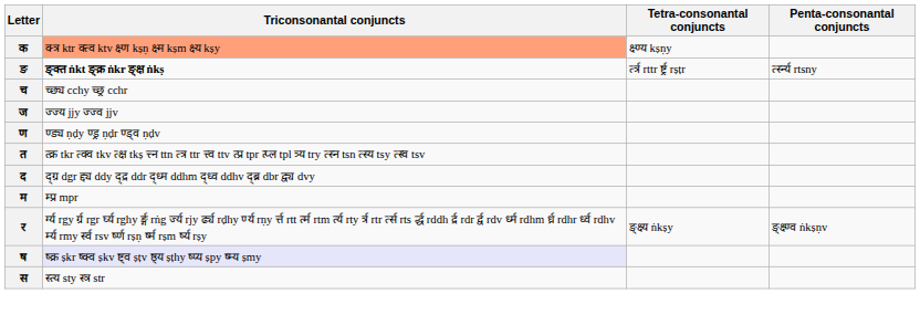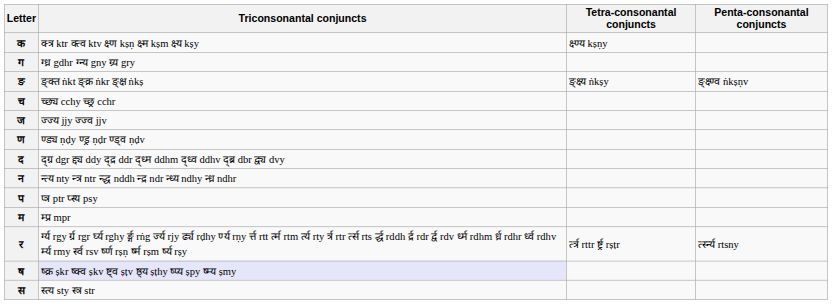 <table class="wikitable">
 <tr>
 <th>Letter</th>
 <th>Triconsonantal conjuncts</th>
 <th>Tetra-consonantal conjuncts</th>
 <th>Penta-consonantal conjuncts</th>
 </tr>
 <tr style="font-family: Siddhanta, 'Sanskrit Text', serif, sans-serif;">
 <th>क</th>
-<td style="background: lightsalmon;">क्त्र ktr क्त्व ktv क्ष्ण kṣṇ क्ष्म kṣm क्ष्य kṣy</td>
+<td>क्त्र ktr क्त्व ktv क्ष्ण kṣṇ क्ष्म kṣm क्ष्य kṣy</td>
 <td>क्ष्ण्य kṣṇy</td>
 <td></td>
 </tr>
 <tr style="font-family: Siddhanta, 'Sanskrit Text', serif, sans-serif;">
+<th>ग</th>
+<td>ग्ध्र gdhr ग्न्य gny ग्र्य gry</td>
+<td></td>
+<td></td>
+</tr>
+<tr style="font-family: Siddhanta, 'Sanskrit Text', serif, sans-serif;">
 <th>ङ</th>
-<td><strong>ङ्क्त ṅkt ङ्क्र ṅkr ङ्क्ष ṅkṣ</strong></td>
-<td>र्त्त्र rttr र्ष्ट्र rṣṭr</td>
-<td>र्त्स्न्य rtsny</td>
+<td>ङ्क्त ṅkt ङ्क्र ṅkr ङ्क्ष ṅkṣ</td>
+<td>ङ्क्ष्य ṅkṣy</td>
+<td>ङ्क्ष्ण्व ṅkṣṇv</td>
 </tr>
 <tr style="font-family: Siddhanta, 'Sanskrit Text', serif, sans-serif;">
 <th>च</th>
 <td>च्छ्य cchy च्छ्र cchr</td>
 <td></td>
 <td></td>
 </tr>
 <tr style="font-family: Siddhanta, 'Sanskrit Text', serif, sans-serif;">
 <th>ज</th>
 <td>ज्ज्य jjy ज्ज्व jjv</td>
 <td></td>
 <td></td>
 </tr>
 <tr style="font-family: Siddhanta, 'Sanskrit Text', serif, sans-serif;">
 <th>ण</th>
 <td>ण्ड्य ṇḍy ण्ड्र ṇḍr ण्ड्व ṇḍv</td>
 <td></td>
 <td></td>
 </tr>
 <tr style="font-family: Siddhanta, 'Sanskrit Text', serif, sans-serif;">
-<th>त</th>
-<td>त्क्र tkr त्क्व tkv त्क्ष tkṣ त्त्न ttn त्त्र ttr त्त्व ttv त्प्र tpr त्प्ल tpl त्र्य try त्स्न tsn त्स्य tsy त्स्व tsv</td>
+<th>द</th>
+<td>द्ग्र dgr द्द्य ddy द्द्र ddr द्ध्म ddhm द्ध्व ddhv द्ब्र dbr द्व्य dvy</td>
 <td></td>
 <td></td>
 </tr>
 <tr style="font-family: Siddhanta, 'Sanskrit Text', serif, sans-serif;">
-<th>द</th>
-<td>द्ग्र dgr द्द्य ddy द्द्र ddr द्ध्म ddhm द्ध्व ddhv द्ब्र dbr द्व्य dvy</td>
+<th>न</th>
+<td>न्त्य nty न्त्र ntr न्द्ध nddh न्द्र ndr न्ध्य ndhy न्ध्र ndhr</td>
+<td></td>
+<td></td>
+</tr>
+<tr style="font-family: Siddhanta, 'Sanskrit Text', serif, sans-serif;">
+<th>प</th>
+<td>प्त्र ptr प्स्य psy</td>
 <td></td>
 <td></td>
 </tr>
 <tr style="font-family: Siddhanta, 'Sanskrit Text', serif, sans-serif;">
 <th>म</th>
 <td>म्प्र mpr</td>
 <td></td>
 <td></td>
 </tr>
 <tr style="font-family: Siddhanta, 'Sanskrit Text', serif, sans-serif;">
 <th>र</th>
 <td>र्ग्य rgy र्ग्र rgr र्घ्य rghy र्ङ्ग rṅg र्ज्य rjy र्ढ्य rḍhy र्ण्य rṇy र्त्त rtt र्त्म rtm र्त्य rty र्त्र rtr र्त्स rts र्द्ध rddh र्द्र rdr र्द्व rdv र्ध्म rdhm र्ध्र rdhr र्ध्व rdhv र्म्य rmy र्स्व rsv र्ष्ण rṣṇ र्ष्म rṣm र्ष्य rṣy</td>
-<td>ङ्क्ष्य ṅkṣy</td>
-<td>ङ्क्ष्ण्व ṅkṣṇv</td>
+<td>र्त्त्र rttr र्ष्ट्र rṣṭr</td>
+<td>र्त्स्न्य rtsny</td>
 </tr>
 <tr style="font-family: Siddhanta, 'Sanskrit Text', serif, sans-serif;">
 <th>ष</th>
 <td style="background: lavender;">ष्क्र ṣkr ष्क्व ṣkv ष्ट्व ṣṭv ष्ठ्य ṣṭhy ष्प्य ṣpy ष्म्य ṣmy</td>
 <td></td>
 <td></td>
 </tr>
 <tr style="font-family: Siddhanta, 'Sanskrit Text', serif, sans-serif;">
 <th>स</th>
 <td>स्त्य sty स्त्र str</td>
 <td></td>
 <td></td>
 </tr>
 </table>
